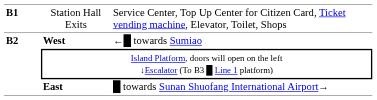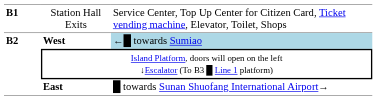 <table border=0 cellspacing=0 cellpadding=3>
 <tr>
 <td style="border-bottom:solid 1px gray;border-top:solid 1px gray;" width=50 valign=top><strong>B1</strong></td>
 <td style="border-top:solid 1px gray;border-bottom:solid 1px gray;text-align:center;" width=100 valign=top>Station Hall<br>Exits</td>
 <td style="border-top:solid 1px gray;border-bottom:solid 1px gray;" width=390 valign=top>Service Center, Top Up Center for Citizen Card, <a href='#'>Ticket vending machine</a>, Elevator, Toilet, Shops</td>
 </tr>
 <tr>
 <td style="border-top:solid 0px gray;border-bottom:solid 1px gray;" width=50 rowspan=3 valign=top><strong>B2</strong></td>
 <td style="border-top:solid 0px gray;" width=100><strong>West</strong></td>
-<td style="border-top:solid 0px gray;" width=390>←<span>█</span>  towards <a href='#'>Sumiao</a></td>
+<td style="background: lightblue; border-top:solid 0px gray;" width=390>←<span>█</span>  towards <a href='#'>Sumiao</a></td>
 </tr>
 <tr>
 <td style="border-top:solid 2px black;border-right:solid 2px black;border-left:solid 2px black;border-bottom:solid 2px black;text-align:center;" colspan=2><small><a href='#'>Island Platform</a>, doors will open on the left<br>↓<a href='#'>Escalator</a> (To B3 <span>█</span> <a href='#'>Line 1</a> platform)</small></td>
 </tr>
 <tr>
 <td style="border-bottom:solid 1px gray;"><strong>East</strong></td>
 <td style="border-bottom:solid 1px gray;"><span>█</span> towards <a href='#'>Sunan Shuofang International Airport</a>→</td>
 </tr>
 </table>
